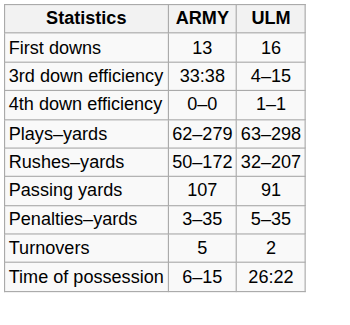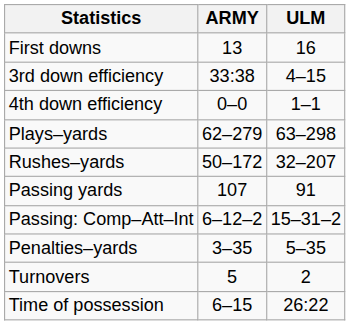 <table class="wikitable">
 <tr>
 <th>Statistics</th>
 <th>ARMY</th>
 <th>ULM</th>
 </tr>
 <tr>
 <td>First downs</td>
 <td align=center>13</td>
 <td align=center>16</td>
 </tr>
 <tr>
 <td>3rd down efficiency</td>
 <td align=center>33:38</td>
 <td align=center>4–15</td>
 </tr>
 <tr>
 <td>4th down efficiency</td>
 <td align=center>0–0</td>
 <td align=center>1–1</td>
 </tr>
 <tr>
 <td>Plays–yards</td>
 <td align=center>62–279</td>
 <td align=center>63–298</td>
 </tr>
 <tr>
 <td>Rushes–yards</td>
 <td align=center>50–172</td>
 <td align=center>32–207</td>
 </tr>
 <tr>
 <td>Passing yards</td>
 <td align=center>107</td>
 <td align=center>91</td>
 </tr>
 <tr>
+<td>Passing: Comp–Att–Int</td>
+<td align=center>6–12–2</td>
+<td align=center>15–31–2</td>
+</tr>
+<tr>
 <td>Penalties–yards</td>
 <td align=center>3–35</td>
 <td align=center>5–35</td>
 </tr>
 <tr>
 <td>Turnovers</td>
 <td align=center>5</td>
 <td align=center>2</td>
 </tr>
 <tr>
 <td>Time of possession</td>
 <td align=center>6–15</td>
 <td align=center>26:22</td>
 </tr>
 </table>
